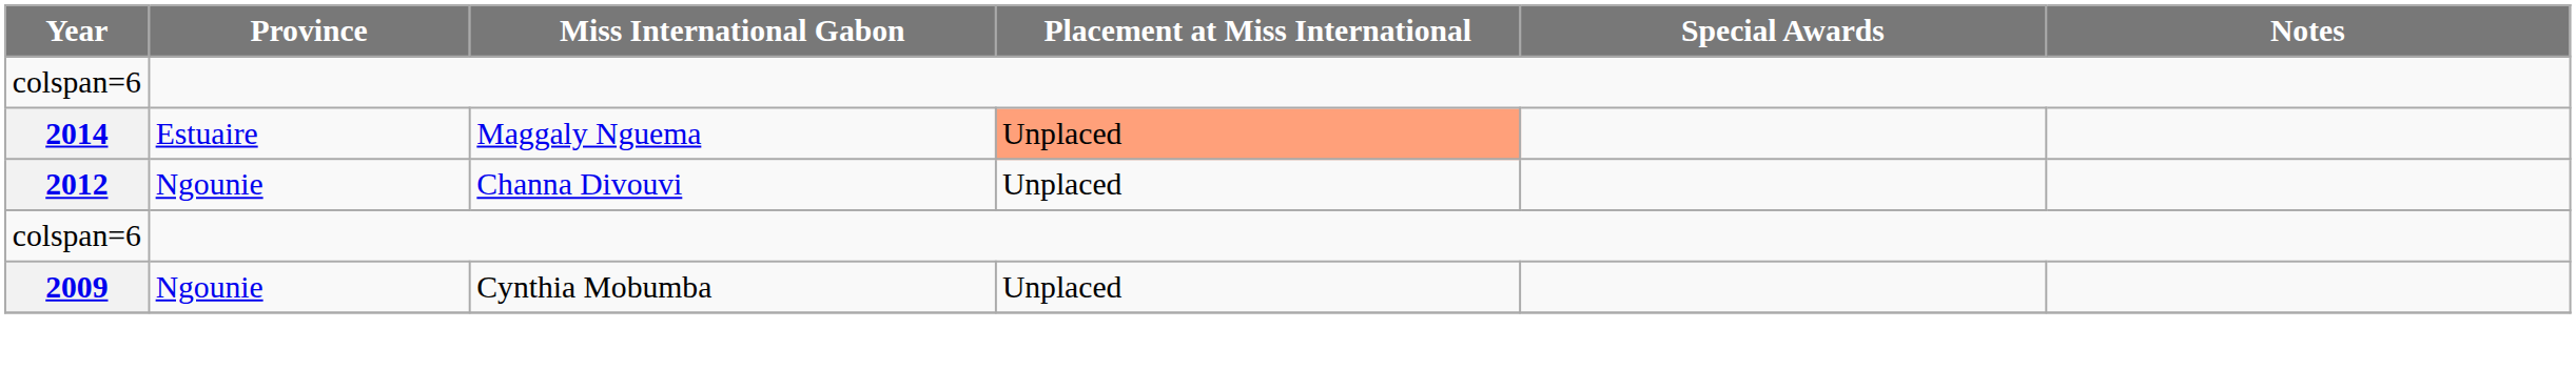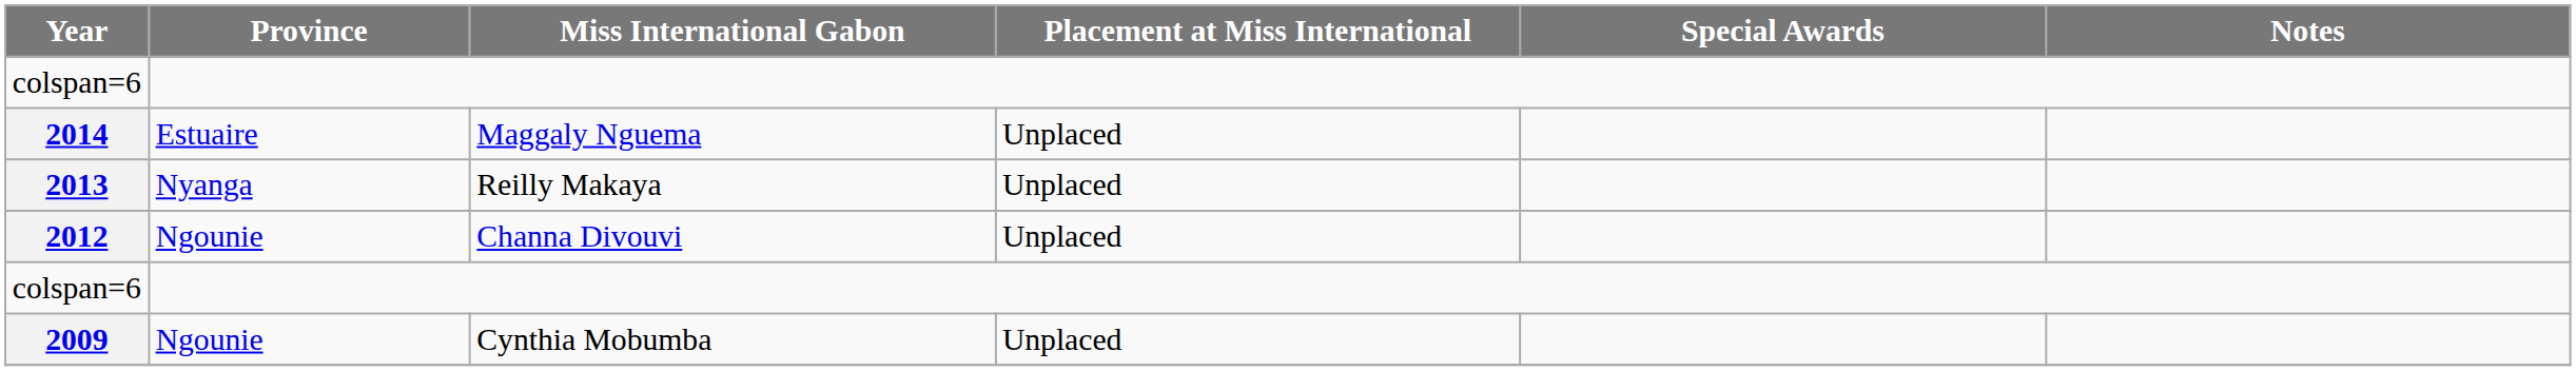 <table class="wikitable " style="font-size: 95%;">
 <tr>
 <th width="60" style="background-color:#787878;color:#FFFFFF;">Year</th>
 <th width="150" style="background-color:#787878;color:#FFFFFF;">Province</th>
 <th width="250" style="background-color:#787878;color:#FFFFFF;">Miss International Gabon</th>
 <th width="250" style="background-color:#787878;color:#FFFFFF;">Placement at Miss International</th>
 <th width="250" style="background-color:#787878;color:#FFFFFF;">Special Awards</th>
 <th width="250" style="background-color:#787878;color:#FFFFFF;">Notes</th>
 </tr>
 <tr>
 <td>colspan=6 </td>
 </tr>
 <tr>
 <th><a href='#'>2014</a></th>
 <td><a href='#'>Estuaire</a></td>
 <td><a href='#'>Maggaly Nguema</a></td>
-<td style="background: lightsalmon;">Unplaced</td>
+<td>Unplaced</td>
+<td></td>
+<td></td>
+</tr>
+<tr>
+<th><a href='#'>2013</a></th>
+<td><a href='#'>Nyanga</a></td>
+<td>Reilly Makaya</td>
+<td>Unplaced</td>
 <td></td>
 <td></td>
 </tr>
 <tr>
 <th><a href='#'>2012</a></th>
 <td><a href='#'>Ngounie</a></td>
 <td><a href='#'>Channa Divouvi</a></td>
 <td>Unplaced</td>
 <td></td>
 <td></td>
 </tr>
 <tr>
 <td>colspan=6 </td>
 </tr>
 <tr>
 <th><a href='#'>2009</a></th>
 <td><a href='#'>Ngounie</a></td>
 <td>Cynthia Mobumba</td>
 <td>Unplaced</td>
 <td></td>
 <td></td>
 </tr>
 <tr>
 </tr>
 </table>
